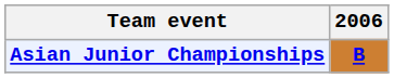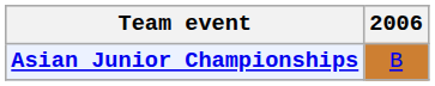 <table style='font-size: 90%; text-align:center;' class='wikitable'>
 <tr>
 <th>Team event</th>
 <th>2006</th>
 </tr>
 <tr>
 <td bgcolor="#ECF2FF"; align="left"><strong><a href='#'>Asian Junior Championships</a></strong></td>
-<td bgcolor=CD7F32><strong><a href='#'>B</a></strong></td>
+<td bgcolor=CD7F32><a href='#'>B</a></td>
 </tr>
 </table>
